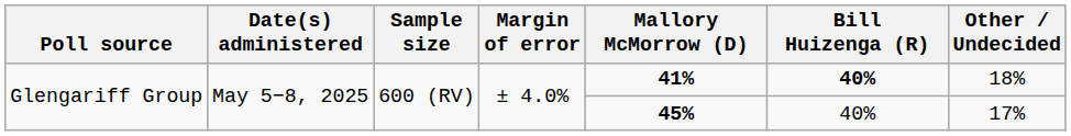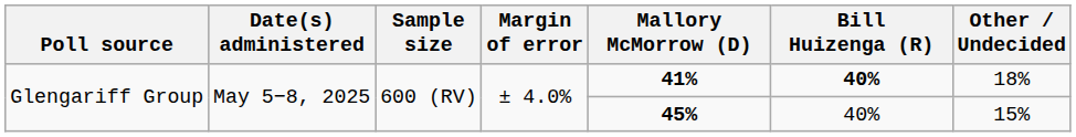 <table class="wikitable" style="font-size:90%;text-align:center;">
 <tr valign=bottom>
 <th>Poll source</th>
 <th>Date(s)<br>administered</th>
 <th>Sample<br>size</th>
 <th>Margin<br>of error</th>
 <th style="width:100px;">Mallory<br>McMorrow (D)</th>
 <th style="width:100px;">Bill<br>Huizenga (R)</th>
 <th>Other /<br>Undecided</th>
 </tr>
 <tr>
 <td style="text-align:left;" rowspan="2">Glengariff Group</td>
 <td rowspan="2">May 5−8, 2025</td>
 <td rowspan="2">600 (RV)</td>
 <td rowspan="2">± 4.0%</td>
 <td><strong>41%</strong></td>
 <td><strong>40%</strong></td>
 <td>18%</td>
 </tr>
 <tr>
 <td><strong>45%</strong></td>
 <td>40%</td>
-<td>17%</td>
+<td>15%</td>
 </tr>
 </table>
